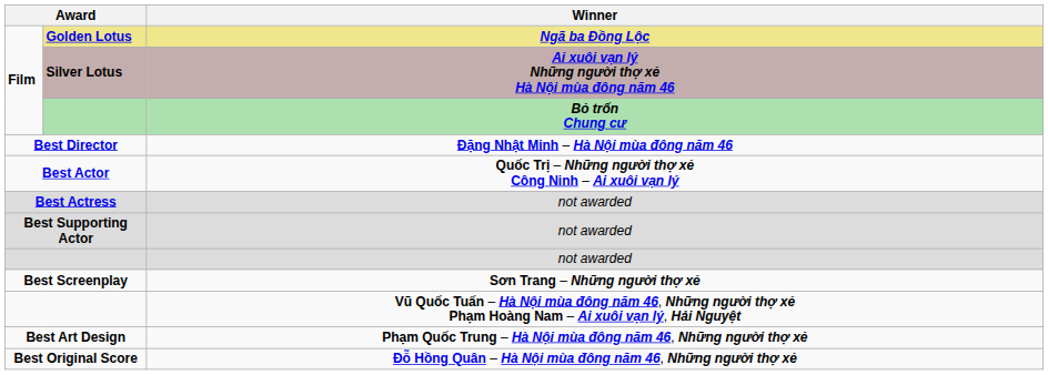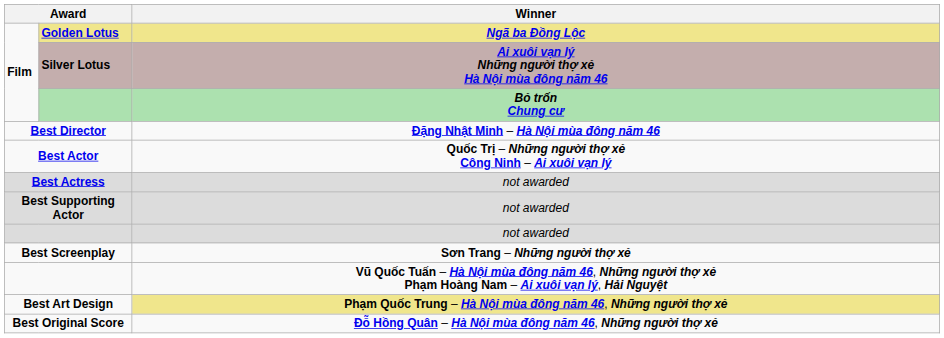 <table class=wikitable>
 <tr>
 <th width="12%" colspan="2">Award</th>
 <th width="76%">Winner</th>
 </tr>
 <tr>
 <td rowspan="3"><strong>Film</strong></td>
 <td style="background:#F0E68C"><strong><a href='#'>Golden Lotus</a></strong></td>
 <td style="background:#F0E68C" align=center><strong><em><a href='#'>Ngã ba Đồng Lộc</a></em></strong></td>
 </tr>
 <tr>
 <td style="background:#C4AEAD"><strong>Silver Lotus</strong></td>
 <td style="background:#C4AEAD" align=center><strong><em><a href='#'>Ai xuôi vạn lý</a></em></strong><br><strong><em>Những người thợ xẻ</em></strong><br><strong><em><a href='#'>Hà Nội mùa đông năm 46</a></em></strong></td>
 </tr>
 <tr>
 <td style="background:#ACE1AF"><strong></strong></td>
 <td style="background:#ACE1AF" align=center><strong><em>Bỏ trốn</em></strong><br><strong><em><a href='#'>Chung cư</a></em></strong></td>
 </tr>
 <tr>
 <td colspan="2" align=center><strong><a href='#'>Best Director</a></strong></td>
 <td align=center><strong><a href='#'>Đặng Nhật Minh</a></strong> – <strong><em><a href='#'>Hà Nội mùa đông năm 46</a></em></strong></td>
 </tr>
 <tr>
 <td colspan="2" align=center><strong><a href='#'>Best Actor</a></strong></td>
 <td align=center><strong>Quốc Trị</strong> – <strong><em>Những người thợ xẻ</em></strong><br><strong><a href='#'>Công Ninh</a></strong> – <strong><em><a href='#'>Ai xuôi vạn lý</a></em></strong></td>
 </tr>
 <tr>
 <td colspan="2" align=center style="background:#DCDCDC"><strong><a href='#'>Best Actress</a></strong></td>
 <td align=center style="background:#DCDCDC"><em>not awarded</em></td>
 </tr>
 <tr>
 <td colspan="2" align=center style="background:#DCDCDC"><strong>Best Supporting Actor</strong></td>
 <td align=center style="background:#DCDCDC"><em>not awarded</em></td>
 </tr>
 <tr>
 <td colspan="2" align=center style="background:#DCDCDC"><strong></strong></td>
 <td align=center style="background:#DCDCDC"><em>not awarded</em></td>
 </tr>
 <tr>
 <td colspan="2" align=center><strong>Best Screenplay</strong></td>
 <td align=center><strong>Sơn Trang</strong> – <strong><em>Những người thợ xẻ</em></strong></td>
 </tr>
 <tr>
 <td colspan="2" align=center><strong></strong></td>
 <td align=center><strong>Vũ Quốc Tuấn</strong> – <strong><em><a href='#'>Hà Nội mùa đông năm 46</a></em></strong>, <strong><em>Những người thợ xẻ</em></strong><br><strong>Phạm Hoàng Nam</strong> – <strong><em><a href='#'>Ai xuôi vạn lý</a></em></strong>, <strong><em>Hải Nguyệt</em></strong></td>
 </tr>
 <tr>
 <td colspan="2" align=center><strong>Best Art Design</strong></td>
-<td align=center><strong>Phạm Quốc Trung</strong> – <strong><em><a href='#'>Hà Nội mùa đông năm 46</a></em></strong>, <strong><em>Những người thợ xẻ</em></strong></td>
+<td align=center style="background: khaki;"><strong>Phạm Quốc Trung</strong> – <strong><em><a href='#'>Hà Nội mùa đông năm 46</a></em></strong>, <strong><em>Những người thợ xẻ</em></strong></td>
 </tr>
 <tr>
 <td colspan="2" align=center><strong>Best Original Score</strong></td>
 <td align=center><strong><a href='#'>Đỗ Hồng Quân</a></strong> – <strong><em><a href='#'>Hà Nội mùa đông năm 46</a></em></strong>, <strong><em>Những người thợ xẻ</em></strong></td>
 </tr>
 </table>
